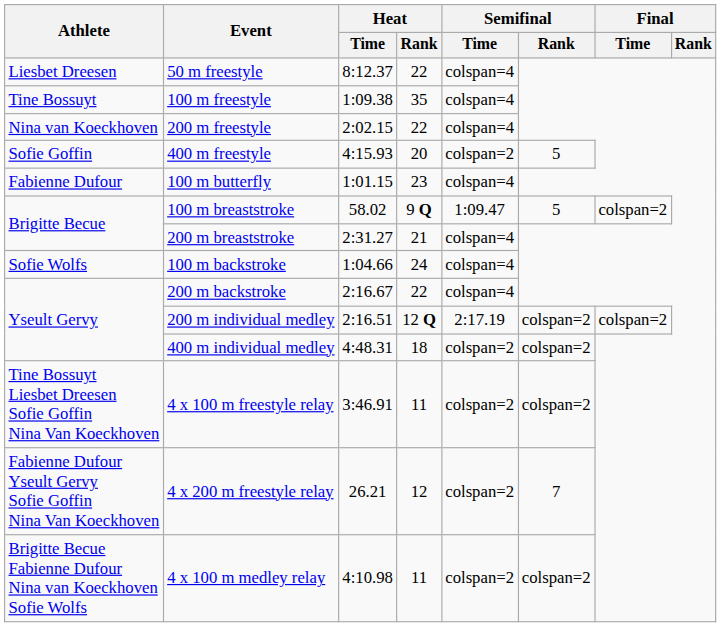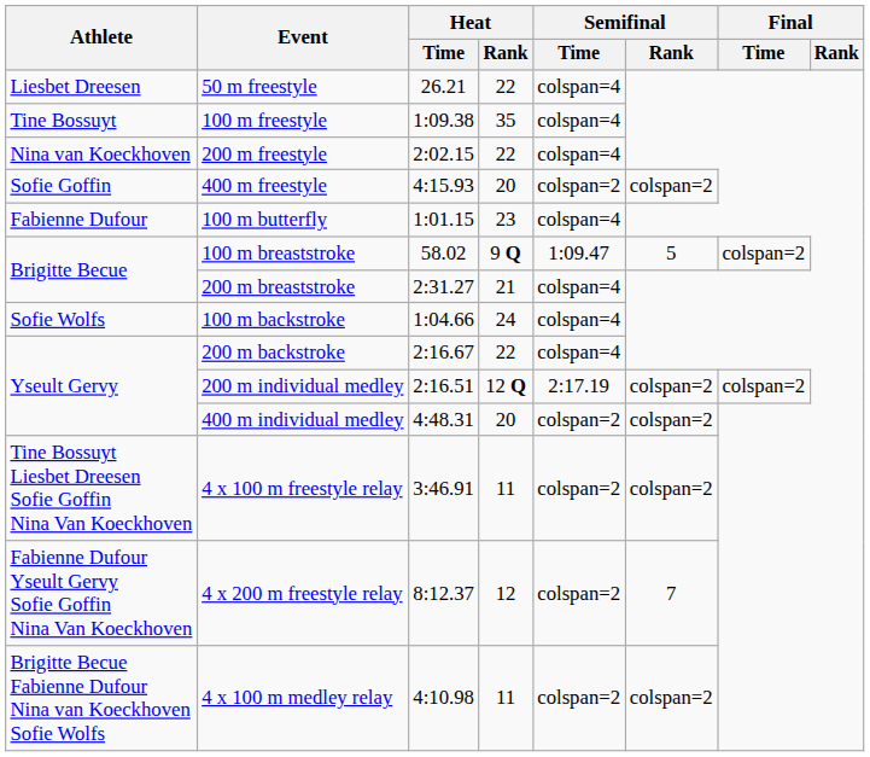 <table class=wikitable style="font-size:90%; text-align:center">
 <tr>
 <th rowspan=2>Athlete</th>
 <th rowspan=2>Event</th>
 <th colspan=2>Heat</th>
 <th colspan=2>Semifinal</th>
 <th colspan=2>Final</th>
 </tr>
 <tr style=font-size:95%>
 <th>Time</th>
 <th>Rank</th>
 <th>Time</th>
 <th>Rank</th>
 <th>Time</th>
 <th>Rank</th>
 </tr>
 <tr>
 <td align=left><a href='#'>Liesbet Dreesen</a></td>
 <td align=left><a href='#'>50 m freestyle</a></td>
-<td>8:12.37</td>
+<td>26.21</td>
 <td>22</td>
 <td>colspan=4 </td>
 </tr>
 <tr>
 <td align=left><a href='#'>Tine Bossuyt</a></td>
 <td align=left><a href='#'>100 m freestyle</a></td>
 <td>1:09.38</td>
 <td>35</td>
 <td>colspan=4 </td>
 </tr>
 <tr>
 <td align=left><a href='#'>Nina van Koeckhoven</a></td>
 <td align=left><a href='#'>200 m freestyle</a></td>
 <td>2:02.15</td>
 <td>22</td>
 <td>colspan=4 </td>
 </tr>
 <tr>
 <td align=left><a href='#'>Sofie Goffin</a></td>
 <td align=left><a href='#'>400 m freestyle</a></td>
 <td>4:15.93</td>
 <td>20</td>
 <td>colspan=2 </td>
-<td>5</td>
+<td>colspan=2 </td>
 </tr>
 <tr>
 <td align=left><a href='#'>Fabienne Dufour</a></td>
 <td align=left><a href='#'>100 m butterfly</a></td>
 <td>1:01.15</td>
 <td>23</td>
 <td>colspan=4 </td>
 </tr>
 <tr>
 <td align=left rowspan=2><a href='#'>Brigitte Becue</a></td>
 <td align=left><a href='#'>100 m breaststroke</a></td>
 <td>58.02</td>
 <td>9 <strong>Q</strong></td>
 <td>1:09.47</td>
 <td>5</td>
 <td>colspan=2 </td>
 </tr>
 <tr>
 <td align=left><a href='#'>200 m breaststroke</a></td>
 <td>2:31.27</td>
 <td>21</td>
 <td>colspan=4 </td>
 </tr>
 <tr>
 <td align=left><a href='#'>Sofie Wolfs</a></td>
 <td align=left><a href='#'>100 m backstroke</a></td>
 <td>1:04.66</td>
 <td>24</td>
 <td>colspan=4 </td>
 </tr>
 <tr>
 <td align=left rowspan=3><a href='#'>Yseult Gervy</a></td>
 <td align=left><a href='#'>200 m backstroke</a></td>
 <td>2:16.67</td>
 <td>22</td>
 <td>colspan=4 </td>
 </tr>
 <tr>
 <td align=left><a href='#'>200 m individual medley</a></td>
 <td>2:16.51</td>
 <td>12 <strong>Q</strong></td>
 <td>2:17.19</td>
 <td>colspan=2 </td>
 <td>colspan=2 </td>
 </tr>
 <tr>
 <td align=left><a href='#'>400 m individual medley</a></td>
 <td>4:48.31</td>
-<td>18</td>
+<td>20</td>
 <td>colspan=2 </td>
 <td>colspan=2 </td>
 </tr>
 <tr>
 <td align=left><a href='#'>Tine Bossuyt</a><br><a href='#'>Liesbet Dreesen</a><br><a href='#'>Sofie Goffin</a><br><a href='#'>Nina Van Koeckhoven</a></td>
 <td align=left><a href='#'>4 x 100 m freestyle relay</a></td>
 <td>3:46.91</td>
 <td>11</td>
 <td>colspan=2 </td>
 <td>colspan=2 </td>
 </tr>
 <tr>
 <td align=left><a href='#'>Fabienne Dufour</a><br><a href='#'>Yseult Gervy</a><br><a href='#'>Sofie Goffin</a><br><a href='#'>Nina Van Koeckhoven</a></td>
 <td align=left><a href='#'>4 x 200 m freestyle relay</a></td>
-<td>26.21</td>
+<td>8:12.37</td>
 <td>12</td>
 <td>colspan=2 </td>
 <td>7</td>
 </tr>
 <tr>
 <td align=left><a href='#'>Brigitte Becue</a><br> <a href='#'>Fabienne Dufour</a><br> <a href='#'>Nina van Koeckhoven</a><br> <a href='#'>Sofie Wolfs</a></td>
 <td align=left><a href='#'>4 x 100 m medley relay</a></td>
 <td>4:10.98</td>
 <td>11</td>
 <td>colspan=2 </td>
 <td>colspan=2 </td>
 </tr>
 </table>
